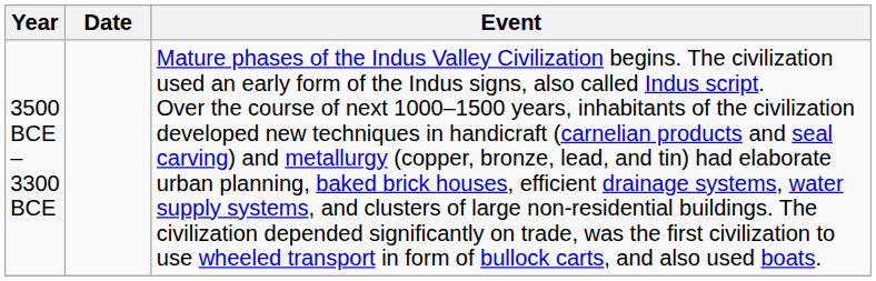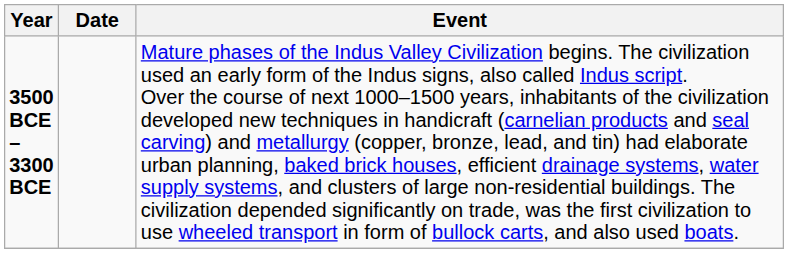 <table class="wikitable" style="width:100%">
 <tr>
 <th style="width:6%">Year</th>
 <th style="width:10%">Date</th>
 <th>Event</th>
 </tr>
 <tr>
-<td>3500 BCE – 3300 BCE</td>
+<td><strong>3500 BCE – 3300 BCE</strong></td>
 <td></td>
 <td><a href='#'>Mature phases of the Indus Valley Civilization</a> begins. The civilization used an early form of the Indus signs, also called <a href='#'>Indus script</a>.<br>Over the course of next 1000–1500 years, inhabitants of the civilization developed new techniques in handicraft (<a href='#'>carnelian products</a> and <a href='#'>seal carving</a>) and <a href='#'>metallurgy</a> (copper, bronze, lead, and tin) had elaborate urban planning, <a href='#'>baked brick houses</a>, efficient <a href='#'>drainage systems</a>, <a href='#'>water supply systems</a>, and clusters of large non-residential buildings. The civilization depended significantly on trade, was the first civilization to use <a href='#'>wheeled transport</a> in form of <a href='#'>bullock carts</a>, and also used <a href='#'>boats</a>.</td>
 </tr>
 <tr>
 </tr>
 </table>
